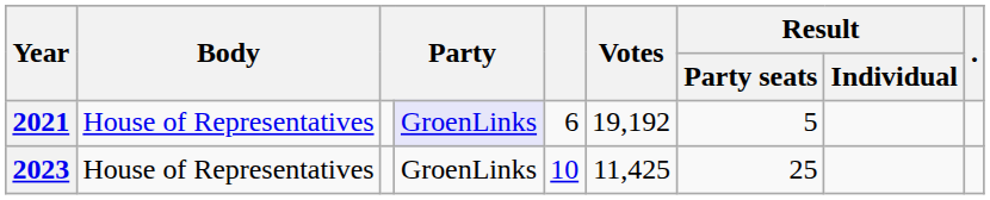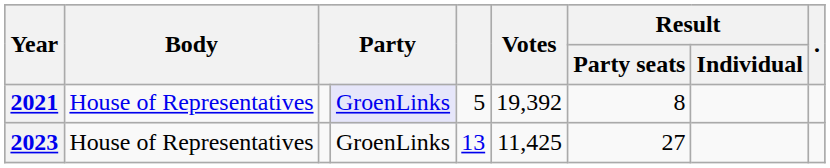 <table class="wikitable plainrowheaders sortable" border=2 cellpadding=4 cellspacing=0 style="border: 1px #aaa solid; font-size: 90%; text-align:center;">
 <tr>
 <th scope="col" rowspan=2>Year</th>
 <th scope="col" rowspan=2>Body</th>
 <th scope="col" colspan=2 rowspan=2>Party</th>
 <th scope="col" rowspan=2></th>
 <th scope="col" rowspan=2>Votes</th>
 <th scope="colgroup" colspan=2>Result</th>
 <th scope="col" rowspan=2 class="unsortable">.</th>
 </tr>
 <tr>
 <th scope="col">Party seats</th>
 <th scope="col">Individual</th>
 </tr>
 <tr>
 <th scope="row"><a href='#'>2021</a></th>
 <td><a href='#'>House of Representatives</a></td>
 <td style="background-color:"></td>
 <td style="background: lavender;"><a href='#'>GroenLinks</a></td>
-<td style=text-align:right>6</td>
-<td style=text-align:right>19,192</td>
 <td style=text-align:right>5</td>
+<td style=text-align:right>19,392</td>
+<td style=text-align:right>8</td>
 <td></td>
 <td></td>
 </tr>
 <tr>
 <th scope="row"><a href='#'>2023</a></th>
 <td>House of Representatives</td>
 <td style="background-color:"></td>
 <td>GroenLinks</td>
-<td style=text-align:right><a href='#'>10</a></td>
+<td style=text-align:right><a href='#'>13</a></td>
 <td style=text-align:right>11,425</td>
-<td style=text-align:right>25</td>
+<td style=text-align:right>27</td>
 <td></td>
 <td></td>
 </tr>
 </table>
